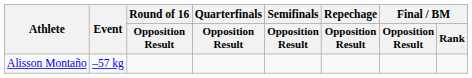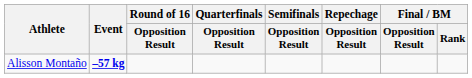 <table class="wikitable" style="font-size:90%">
 <tr>
 <th rowspan=2>Athlete</th>
 <th rowspan=2>Event</th>
 <th>Round of 16</th>
 <th>Quarterfinals</th>
 <th>Semifinals</th>
 <th>Repechage</th>
 <th colspan=2>Final / BM</th>
 </tr>
 <tr style="font-size:95%">
 <th>Opposition<br>Result</th>
 <th>Opposition<br>Result</th>
 <th>Opposition<br>Result</th>
 <th>Opposition<br>Result</th>
 <th>Opposition<br>Result</th>
 <th>Rank</th>
 </tr>
 <tr align=center>
 <td align=left><a href='#'>Alisson Montaño</a></td>
-<td align=left><a href='#'>–57 kg</a></td>
+<td align=left><strong><a href='#'>–57 kg</a></strong></td>
 <td></td>
 <td></td>
 <td></td>
 <td></td>
 <td></td>
 <td></td>
 </tr>
 </table>
